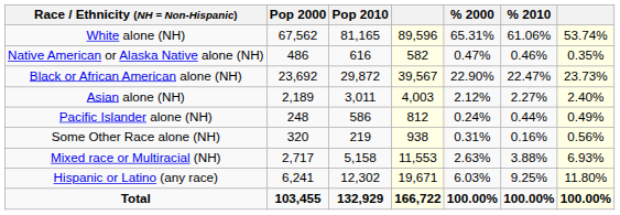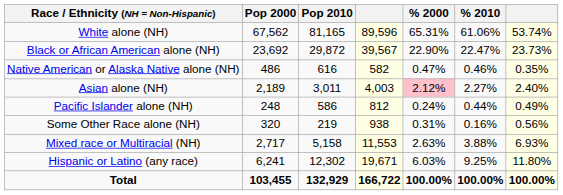 <table class="wikitable" style="text-align:center;">
 <tr>
 <th>Race / Ethnicity <small>(<em>NH = Non-Hispanic</em>)</small></th>
 <th>Pop 2000</th>
 <th>Pop 2010</th>
 <th></th>
 <th>% 2000</th>
 <th>% 2010</th>
 <th></th>
 </tr>
 <tr>
 <td><a href='#'>White</a> alone (NH)</td>
 <td>67,562</td>
 <td>81,165</td>
 <td style='background: #ffffe6;'>89,596</td>
 <td>65.31%</td>
 <td>61.06%</td>
 <td style='background: #ffffe6;'>53.74%</td>
 </tr>
 <tr>
+<td><a href='#'>Black or African American</a> alone (NH)</td>
+<td>23,692</td>
+<td>29,872</td>
+<td style='background: #ffffe6;'>39,567</td>
+<td>22.90%</td>
+<td>22.47%</td>
+<td style='background: #ffffe6;'>23.73%</td>
+</tr>
+<tr>
 <td><a href='#'>Native American</a> or <a href='#'>Alaska Native</a> alone (NH)</td>
 <td>486</td>
 <td>616</td>
 <td style='background: #ffffe6;'>582</td>
 <td>0.47%</td>
 <td>0.46%</td>
 <td style='background: #ffffe6;'>0.35%</td>
 </tr>
 <tr>
-<td><a href='#'>Black or African American</a> alone (NH)</td>
-<td>23,692</td>
-<td>29,872</td>
-<td style='background: #ffffe6;'>39,567</td>
-<td>22.90%</td>
-<td>22.47%</td>
-<td style='background: #ffffe6;'>23.73%</td>
-</tr>
-<tr>
 <td><a href='#'>Asian</a> alone (NH)</td>
 <td>2,189</td>
 <td>3,011</td>
 <td style='background: #ffffe6;'>4,003</td>
-<td>2.12%</td>
+<td style="background: pink;">2.12%</td>
 <td>2.27%</td>
 <td style='background: #ffffe6;'>2.40%</td>
 </tr>
 <tr>
 <td><a href='#'>Pacific Islander</a> alone (NH)</td>
 <td>248</td>
 <td>586</td>
 <td style='background: #ffffe6;'>812</td>
 <td>0.24%</td>
 <td>0.44%</td>
 <td style='background: #ffffe6;'>0.49%</td>
 </tr>
 <tr>
 <td>Some Other Race alone (NH)</td>
 <td>320</td>
 <td>219</td>
 <td style='background: #ffffe6;'>938</td>
 <td>0.31%</td>
 <td>0.16%</td>
 <td style='background: #ffffe6;'>0.56%</td>
 </tr>
 <tr>
 <td><a href='#'>Mixed race or Multiracial</a> (NH)</td>
 <td>2,717</td>
 <td>5,158</td>
 <td style='background: #ffffe6;'>11,553</td>
 <td>2.63%</td>
 <td>3.88%</td>
 <td style='background: #ffffe6;'>6.93%</td>
 </tr>
 <tr>
 <td><a href='#'>Hispanic or Latino</a> (any race)</td>
 <td>6,241</td>
 <td>12,302</td>
 <td style='background: #ffffe6;'>19,671</td>
 <td>6.03%</td>
 <td>9.25%</td>
 <td style='background: #ffffe6;'>11.80%</td>
 </tr>
 <tr>
 <td><strong>Total</strong></td>
 <td><strong>103,455</strong></td>
 <td><strong>132,929</strong></td>
 <td style='background: #ffffe6;'><strong>166,722</strong></td>
 <td><strong>100.00%</strong></td>
 <td><strong>100.00%</strong></td>
 <td style='background: #ffffe6;'><strong>100.00%</strong></td>
 </tr>
 </table>
